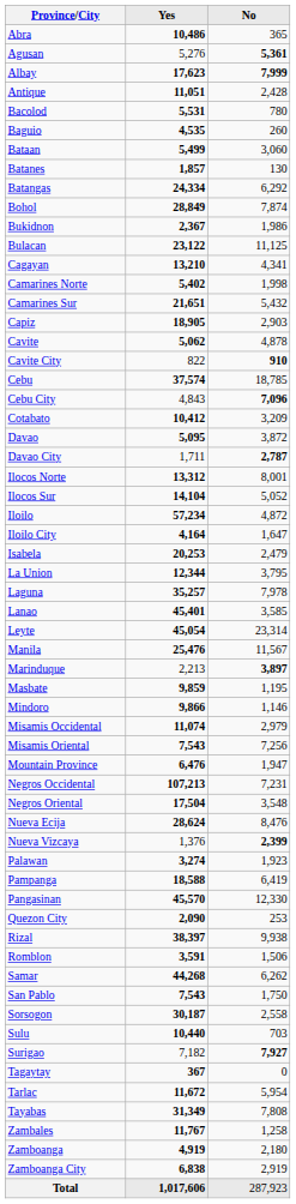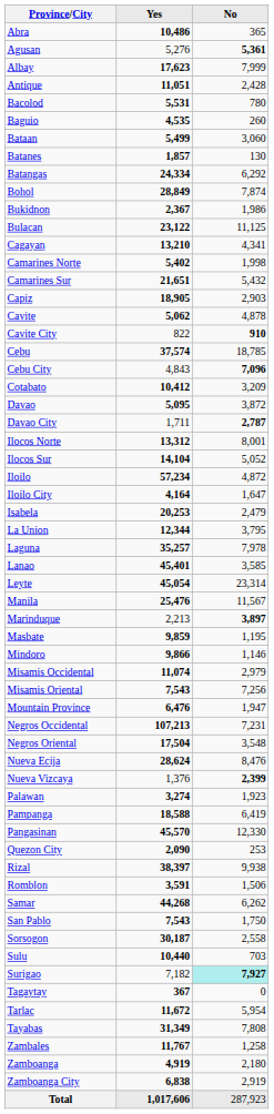 <table class="wikitable" style="text-align:right; font-size:95%">
 <tr>
 <th width="150px" align="left"><a href='#'>Province</a>/<a href='#'>City</a></th>
 <th width="100px" align="center" style="background: #E9E9E9">Yes</th>
 <th width="100px" align="center" style="background: #E9E9E9">No</th>
 </tr>
 <tr>
 <td align="left"><a href='#'>Abra</a></td>
 <td><strong>10,486</strong></td>
 <td>365</td>
 </tr>
 <tr>
 <td align="left"><a href='#'>Agusan</a></td>
 <td>5,276</td>
 <td><strong>5,361</strong></td>
 </tr>
 <tr>
 <td align="left"><a href='#'>Albay</a></td>
 <td><strong>17,623</strong></td>
-<td><strong>7,999</strong></td>
+<td>7,999</td>
 </tr>
 <tr>
 <td align="left"><a href='#'>Antique</a></td>
 <td><strong>11,051</strong></td>
 <td>2,428</td>
 </tr>
 <tr>
 <td align="left"><a href='#'>Bacolod</a></td>
 <td><strong>5,531</strong></td>
 <td>780</td>
 </tr>
 <tr>
 <td align="left"><a href='#'>Baguio</a></td>
 <td><strong>4,535</strong></td>
 <td>260</td>
 </tr>
 <tr>
 <td align="left"><a href='#'>Bataan</a></td>
 <td><strong>5,499</strong></td>
 <td>3,060</td>
 </tr>
 <tr>
 <td align="left"><a href='#'>Batanes</a></td>
 <td><strong>1,857</strong></td>
 <td>130</td>
 </tr>
 <tr>
 <td align="left"><a href='#'>Batangas</a></td>
 <td><strong>24,334</strong></td>
 <td>6,292</td>
 </tr>
 <tr>
 <td align="left"><a href='#'>Bohol</a></td>
 <td><strong>28,849</strong></td>
 <td>7,874</td>
 </tr>
 <tr>
 <td align="left"><a href='#'>Bukidnon</a></td>
 <td><strong>2,367</strong></td>
 <td>1,986</td>
 </tr>
 <tr>
 <td align="left"><a href='#'>Bulacan</a></td>
 <td><strong>23,122</strong></td>
 <td>11,125</td>
 </tr>
 <tr>
 <td align="left"><a href='#'>Cagayan</a></td>
 <td><strong>13,210</strong></td>
 <td>4,341</td>
 </tr>
 <tr>
 <td align="left"><a href='#'>Camarines Norte</a></td>
 <td><strong>5,402</strong></td>
 <td>1,998</td>
 </tr>
 <tr>
 <td align="left"><a href='#'>Camarines Sur</a></td>
 <td><strong>21,651</strong></td>
 <td>5,432</td>
 </tr>
 <tr>
 <td align="left"><a href='#'>Capiz</a></td>
 <td><strong>18,905</strong></td>
 <td>2,903</td>
 </tr>
 <tr>
 <td align="left"><a href='#'>Cavite</a></td>
 <td><strong>5,062</strong></td>
 <td>4,878</td>
 </tr>
 <tr>
 <td align="left"><a href='#'>Cavite City</a></td>
 <td>822</td>
 <td><strong>910</strong></td>
 </tr>
 <tr>
 <td align="left"><a href='#'>Cebu</a></td>
 <td><strong>37,574</strong></td>
 <td>18,785</td>
 </tr>
 <tr>
 <td align="left"><a href='#'>Cebu City</a></td>
 <td>4,843</td>
 <td><strong>7,096</strong></td>
 </tr>
 <tr>
 <td align="left"><a href='#'>Cotabato</a></td>
 <td><strong>10,412</strong></td>
 <td>3,209</td>
 </tr>
 <tr>
 <td align="left"><a href='#'>Davao</a></td>
 <td><strong>5,095</strong></td>
 <td>3,872</td>
 </tr>
 <tr>
 <td align="left"><a href='#'>Davao City</a></td>
 <td>1,711</td>
 <td><strong>2,787</strong></td>
 </tr>
 <tr>
 <td align="left"><a href='#'>Ilocos Norte</a></td>
 <td><strong>13,312</strong></td>
 <td>8,001</td>
 </tr>
 <tr>
 <td align="left"><a href='#'>Ilocos Sur</a></td>
 <td><strong>14,104</strong></td>
 <td>5,052</td>
 </tr>
 <tr>
 <td align="left"><a href='#'>Iloilo</a></td>
 <td><strong>57,234</strong></td>
 <td>4,872</td>
 </tr>
 <tr>
 <td align="left"><a href='#'>Iloilo City</a></td>
 <td><strong>4,164</strong></td>
 <td>1,647</td>
 </tr>
 <tr>
 <td align="left"><a href='#'>Isabela</a></td>
 <td><strong>20,253</strong></td>
 <td>2,479</td>
 </tr>
 <tr>
 <td align="left"><a href='#'>La Union</a></td>
 <td><strong>12,344</strong></td>
 <td>3,795</td>
 </tr>
 <tr>
 <td align="left"><a href='#'>Laguna</a></td>
 <td><strong>35,257</strong></td>
 <td>7,978</td>
 </tr>
 <tr>
 <td align="left"><a href='#'>Lanao</a></td>
 <td><strong>45,401</strong></td>
 <td>3,585</td>
 </tr>
 <tr>
 <td align="left"><a href='#'>Leyte</a></td>
 <td><strong>45,054</strong></td>
 <td>23,314</td>
 </tr>
 <tr>
 <td align="left"><a href='#'>Manila</a></td>
 <td><strong>25,476</strong></td>
 <td>11,567</td>
 </tr>
 <tr>
 <td align="left"><a href='#'>Marinduque</a></td>
 <td>2,213</td>
 <td><strong>3,897</strong></td>
 </tr>
 <tr>
 <td align="left"><a href='#'>Masbate</a></td>
 <td><strong>9,859</strong></td>
 <td>1,195</td>
 </tr>
 <tr>
 <td align="left"><a href='#'>Mindoro</a></td>
 <td><strong>9,866</strong></td>
 <td>1,146</td>
 </tr>
 <tr>
 <td align="left"><a href='#'>Misamis Occidental</a></td>
 <td><strong>11,074</strong></td>
 <td>2,979</td>
 </tr>
 <tr>
 <td align="left"><a href='#'>Misamis Oriental</a></td>
 <td><strong>7,543</strong></td>
 <td>7,256</td>
 </tr>
 <tr>
 <td align="left"><a href='#'>Mountain Province</a></td>
 <td><strong>6,476</strong></td>
 <td>1,947</td>
 </tr>
 <tr>
 <td align="left"><a href='#'>Negros Occidental</a></td>
 <td><strong>107,213</strong></td>
 <td>7,231</td>
 </tr>
 <tr>
 <td align="left"><a href='#'>Negros Oriental</a></td>
 <td><strong>17,504</strong></td>
 <td>3,548</td>
 </tr>
 <tr>
 <td align="left"><a href='#'>Nueva Ecija</a></td>
 <td><strong>28,624</strong></td>
 <td>8,476</td>
 </tr>
 <tr>
 <td align="left"><a href='#'>Nueva Vizcaya</a></td>
 <td>1,376</td>
 <td><strong>2,399</strong></td>
 </tr>
 <tr>
 <td align="left"><a href='#'>Palawan</a></td>
 <td><strong>3,274</strong></td>
 <td>1,923</td>
 </tr>
 <tr>
 <td align="left"><a href='#'>Pampanga</a></td>
 <td><strong>18,588</strong></td>
 <td>6,419</td>
 </tr>
 <tr>
 <td align="left"><a href='#'>Pangasinan</a></td>
 <td><strong>45,570</strong></td>
 <td>12,330</td>
 </tr>
 <tr>
 <td align="left"><a href='#'>Quezon City</a></td>
 <td><strong>2,090</strong></td>
 <td>253</td>
 </tr>
 <tr>
 <td align="left"><a href='#'>Rizal</a></td>
 <td><strong>38,397</strong></td>
 <td>9,938</td>
 </tr>
 <tr>
 <td align="left"><a href='#'>Romblon</a></td>
 <td><strong>3,591</strong></td>
 <td>1,506</td>
 </tr>
 <tr>
 <td align="left"><a href='#'>Samar</a></td>
 <td><strong>44,268</strong></td>
 <td>6,262</td>
 </tr>
 <tr>
 <td align="left"><a href='#'>San Pablo</a></td>
 <td><strong>7,543</strong></td>
 <td>1,750</td>
 </tr>
 <tr>
 <td align="left"><a href='#'>Sorsogon</a></td>
 <td><strong>30,187</strong></td>
 <td>2,558</td>
 </tr>
 <tr>
 <td align="left"><a href='#'>Sulu</a></td>
 <td><strong>10,440</strong></td>
 <td>703</td>
 </tr>
 <tr>
 <td align="left"><a href='#'>Surigao</a></td>
 <td>7,182</td>
-<td><strong>7,927</strong></td>
+<td style="background: paleturquoise;"><strong>7,927</strong></td>
 </tr>
 <tr>
 <td align="left"><a href='#'>Tagaytay</a></td>
 <td><strong>367</strong></td>
 <td>0</td>
 </tr>
 <tr>
 <td align="left"><a href='#'>Tarlac</a></td>
 <td><strong>11,672</strong></td>
 <td>5,954</td>
 </tr>
 <tr>
 <td align="left"><a href='#'>Tayabas</a></td>
 <td><strong>31,349</strong></td>
 <td>7,808</td>
 </tr>
 <tr>
 <td align="left"><a href='#'>Zambales</a></td>
 <td><strong>11,767</strong></td>
 <td>1,258</td>
 </tr>
 <tr>
 <td align="left"><a href='#'>Zamboanga</a></td>
 <td><strong>4,919</strong></td>
 <td>2,180</td>
 </tr>
 <tr>
 <td align="left"><a href='#'>Zamboanga City</a></td>
 <td><strong>6,838</strong></td>
 <td>2,919</td>
 </tr>
 <tr style="background:#E9E9E9">
 <th align="center"><strong>Total</strong></th>
 <td><strong>1,017,606</strong></td>
 <td>287,923</td>
 </tr>
 </table>
